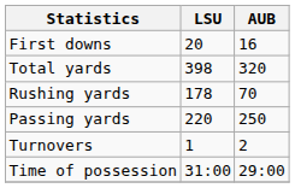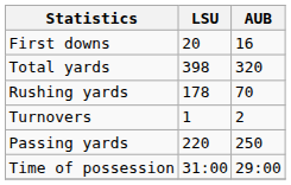 <table class="wikitable">
 <tr>
 <th>Statistics</th>
 <th>LSU</th>
 <th>AUB</th>
 </tr>
 <tr>
 <td>First downs</td>
 <td>20</td>
 <td>16</td>
 </tr>
 <tr>
 <td>Total yards</td>
 <td>398</td>
 <td>320</td>
 </tr>
 <tr>
 <td>Rushing yards</td>
 <td>178</td>
 <td>70</td>
 </tr>
 <tr>
+<td>Turnovers</td>
+<td>1</td>
+<td>2</td>
+</tr>
+<tr>
 <td>Passing yards</td>
 <td>220</td>
 <td>250</td>
-</tr>
-<tr>
-<td>Turnovers</td>
-<td>1</td>
-<td>2</td>
 </tr>
 <tr>
 <td>Time of possession</td>
 <td>31:00</td>
 <td>29:00</td>
 </tr>
 <tr>
 </tr>
 </table>
